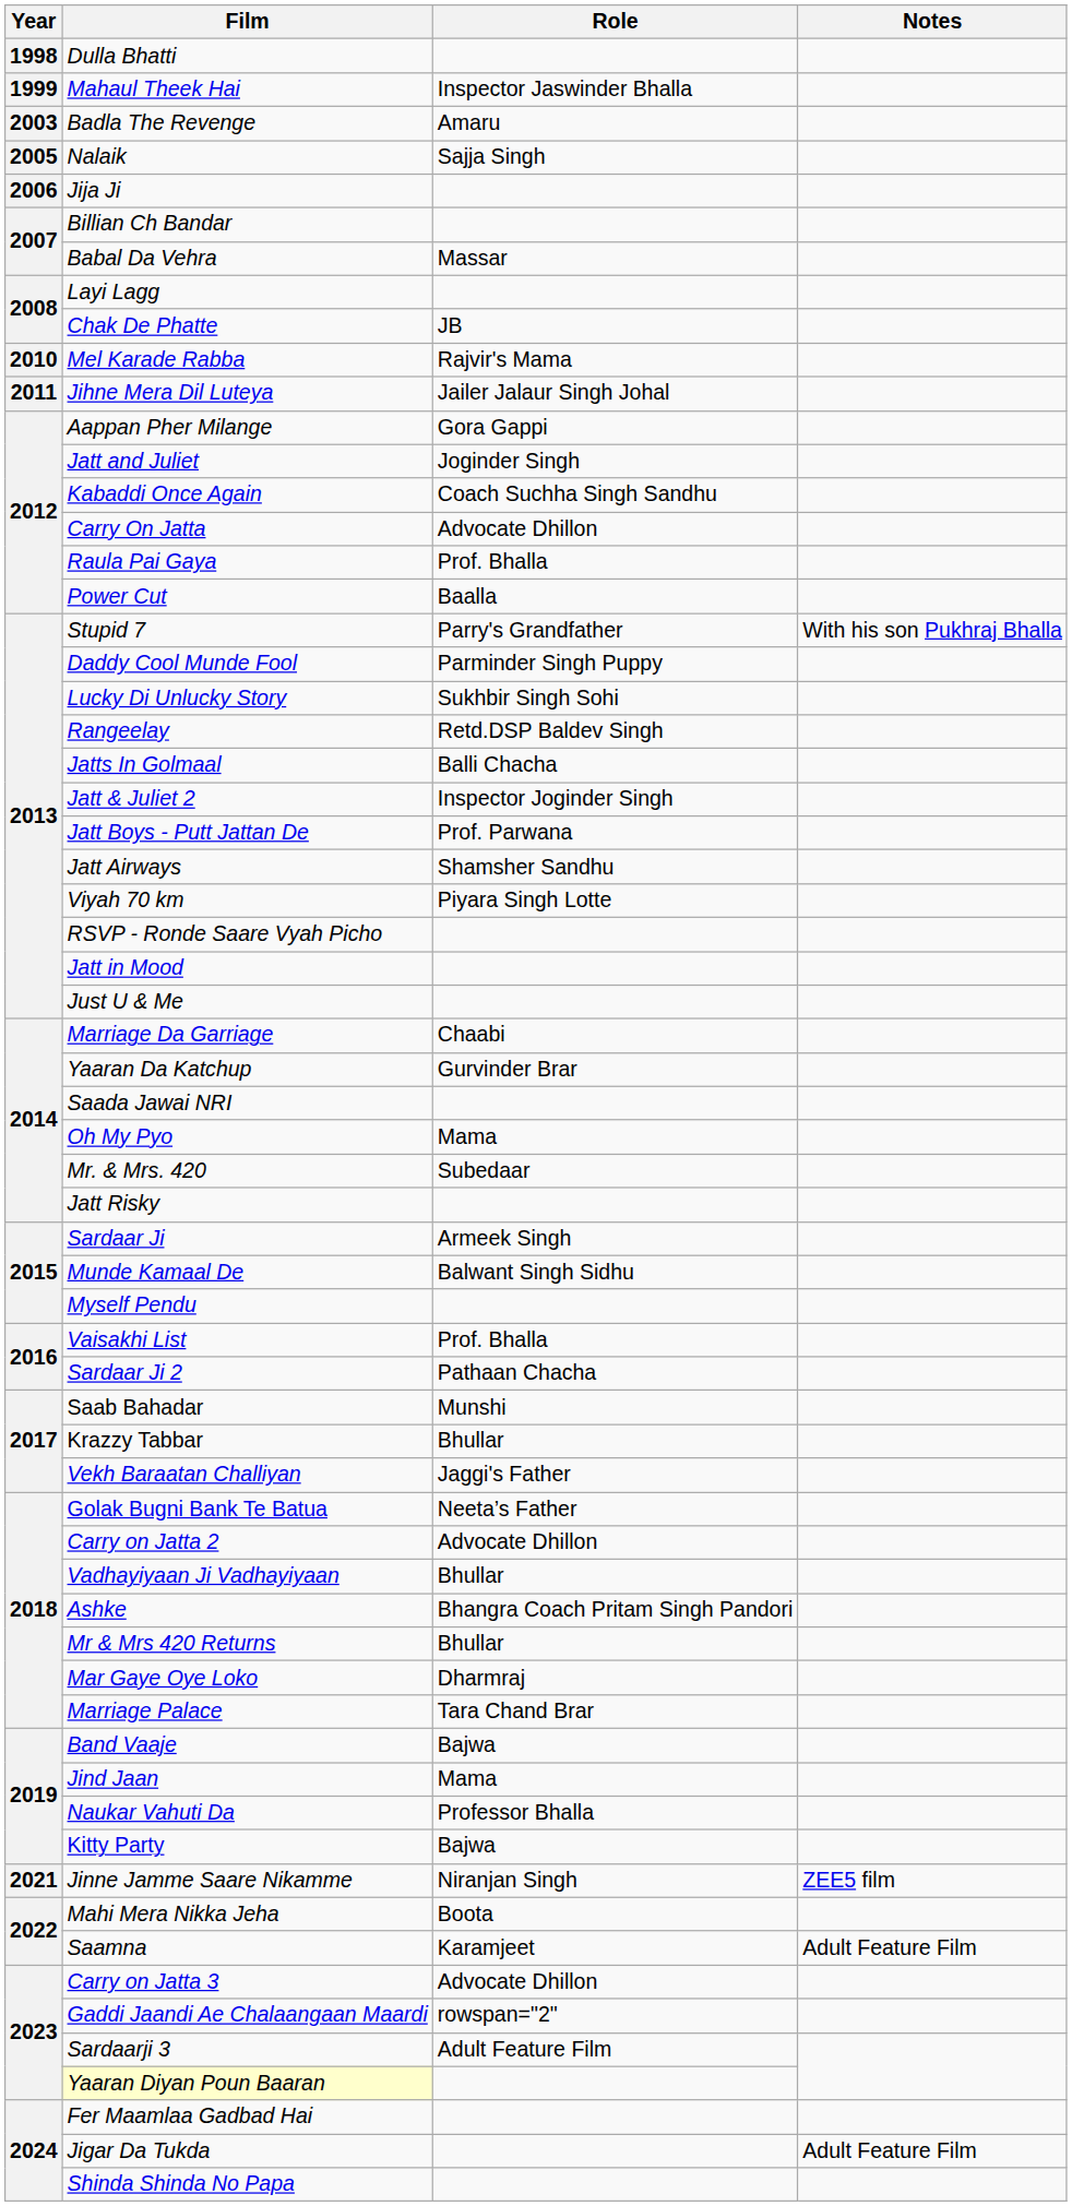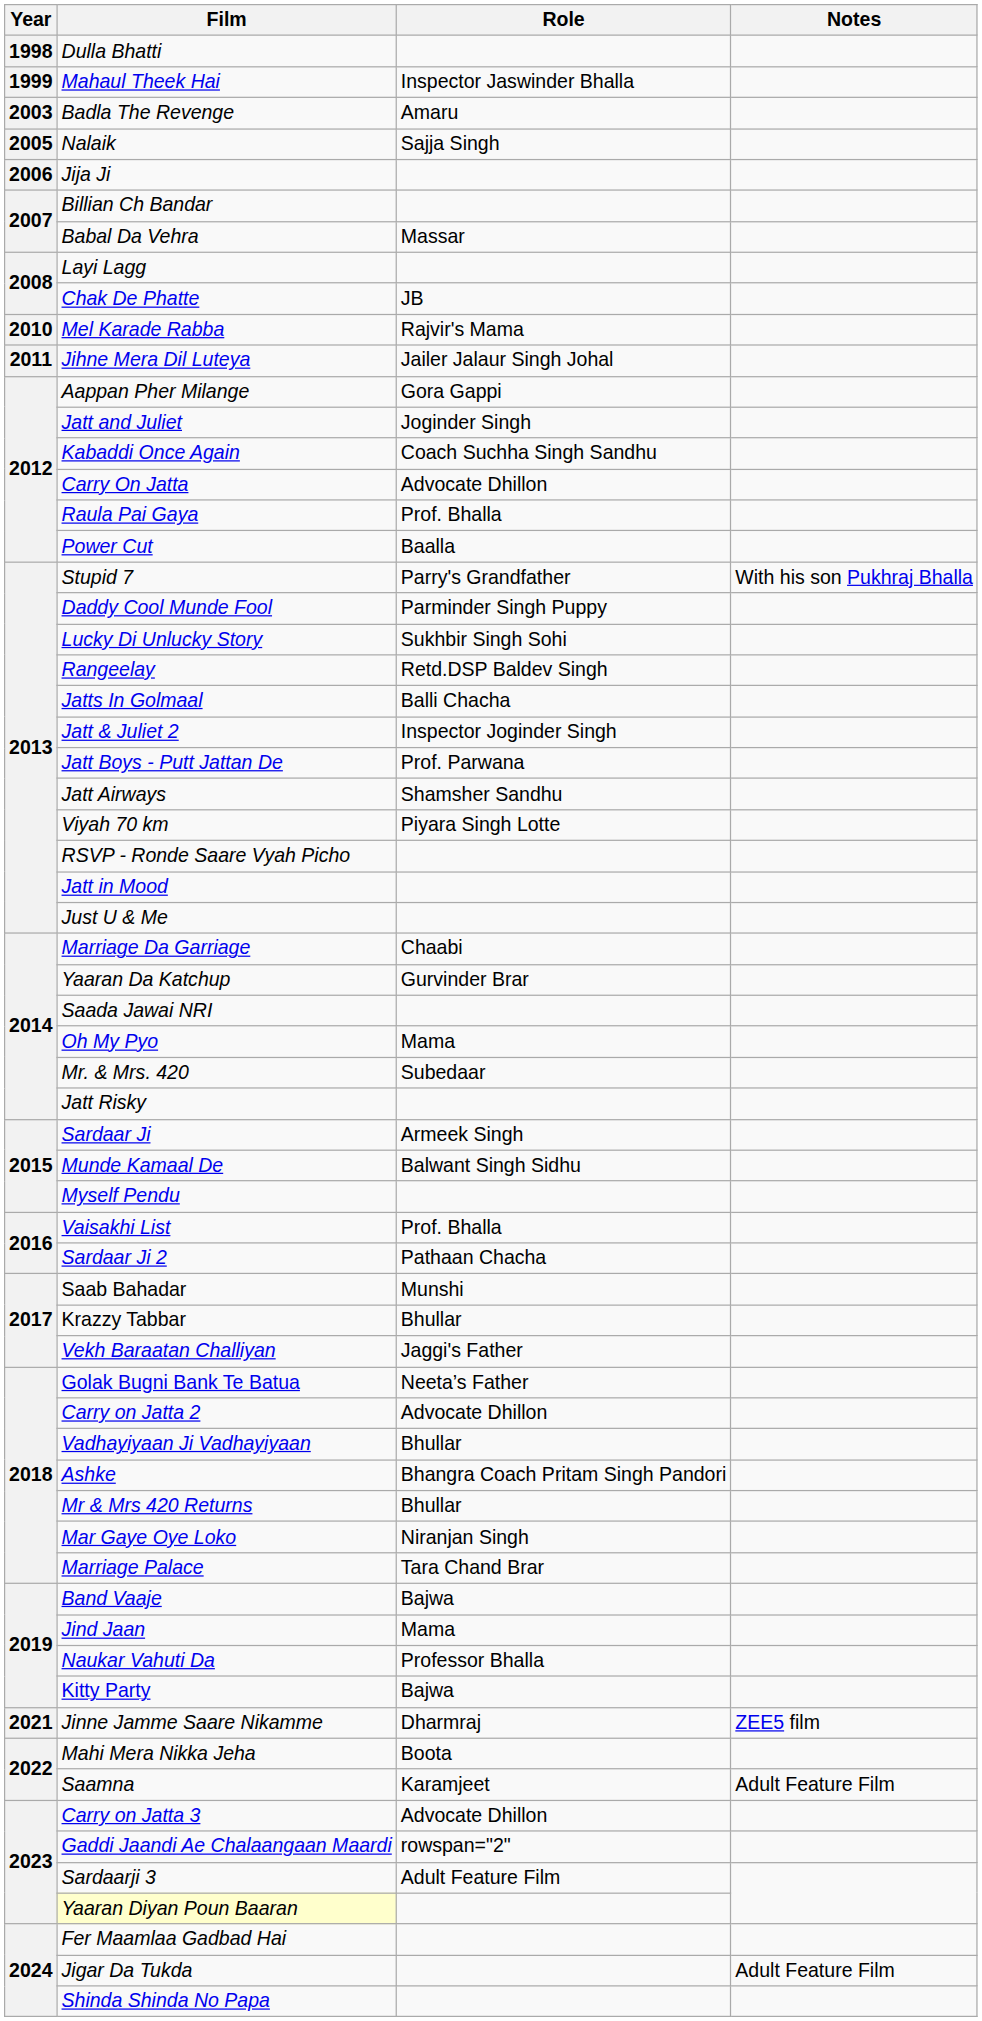 <table class="wikitable">
 <tr>
 <th>Year</th>
 <th>Film</th>
 <th>Role</th>
 <th>Notes</th>
 </tr>
 <tr>
 <th>1998</th>
 <td><em>Dulla Bhatti</em></td>
 <td></td>
 <td></td>
 </tr>
 <tr>
 <th>1999</th>
 <td><em><a href='#'>Mahaul Theek Hai</a></em></td>
 <td>Inspector Jaswinder Bhalla</td>
 <td></td>
 </tr>
 <tr>
 <th>2003</th>
 <td><em>Badla The Revenge</em></td>
 <td>Amaru</td>
 <td></td>
 </tr>
 <tr>
 <th>2005</th>
 <td><em>Nalaik</em></td>
 <td>Sajja Singh</td>
 <td></td>
 </tr>
 <tr>
 <th>2006</th>
 <td><em>Jija Ji</em></td>
 <td></td>
 <td></td>
 </tr>
 <tr>
 <th rowspan="2">2007</th>
 <td><em>Billian Ch Bandar</em></td>
 <td></td>
 <td></td>
 </tr>
 <tr>
 <td><em>Babal Da Vehra</em></td>
 <td>Massar</td>
 <td></td>
 </tr>
 <tr>
 <th rowspan="2">2008</th>
 <td><em>Layi Lagg</em></td>
 <td></td>
 <td></td>
 </tr>
 <tr>
 <td><em><a href='#'>Chak De Phatte</a></em></td>
 <td>JB</td>
 <td></td>
 </tr>
 <tr>
 <th>2010</th>
 <td><em><a href='#'>Mel Karade Rabba</a></em></td>
 <td>Rajvir's Mama</td>
 <td></td>
 </tr>
 <tr>
 <th>2011</th>
 <td><em><a href='#'>Jihne Mera Dil Luteya</a></em></td>
 <td>Jailer Jalaur Singh Johal</td>
 <td></td>
 </tr>
 <tr>
 <th rowspan="6">2012</th>
 <td><em>Aappan Pher Milange</em></td>
 <td>Gora Gappi</td>
 <td></td>
 </tr>
 <tr>
 <td><em><a href='#'>Jatt and Juliet</a></em></td>
 <td>Joginder Singh</td>
 <td></td>
 </tr>
 <tr>
 <td><em><a href='#'>Kabaddi Once Again</a></em></td>
 <td>Coach Suchha Singh Sandhu</td>
 <td></td>
 </tr>
 <tr>
 <td><em><a href='#'>Carry On Jatta</a></em></td>
 <td>Advocate Dhillon</td>
 <td></td>
 </tr>
 <tr>
 <td><em><a href='#'>Raula Pai Gaya</a></em></td>
 <td>Prof. Bhalla</td>
 <td></td>
 </tr>
 <tr>
 <td><em><a href='#'>Power Cut</a></em></td>
 <td>Baalla</td>
 <td></td>
 </tr>
 <tr>
 <th rowspan="12">2013</th>
 <td><em>Stupid 7</em></td>
 <td>Parry's Grandfather</td>
 <td>With his son <a href='#'>Pukhraj Bhalla</a></td>
 </tr>
 <tr>
 <td><em><a href='#'>Daddy Cool Munde Fool</a></em></td>
 <td>Parminder Singh Puppy</td>
 <td></td>
 </tr>
 <tr>
 <td><em><a href='#'>Lucky Di Unlucky Story</a></em></td>
 <td>Sukhbir Singh Sohi</td>
 <td></td>
 </tr>
 <tr>
 <td><em><a href='#'>Rangeelay</a></em></td>
 <td>Retd.DSP Baldev Singh</td>
 <td></td>
 </tr>
 <tr>
 <td><em><a href='#'>Jatts In Golmaal</a></em></td>
 <td>Balli Chacha</td>
 <td></td>
 </tr>
 <tr>
 <td><em><a href='#'>Jatt & Juliet 2</a></em></td>
 <td>Inspector Joginder Singh</td>
 <td></td>
 </tr>
 <tr>
 <td><em><a href='#'>Jatt Boys - Putt Jattan De</a></em></td>
 <td>Prof. Parwana</td>
 <td></td>
 </tr>
 <tr>
 <td><em>Jatt Airways</em></td>
 <td>Shamsher Sandhu</td>
 <td></td>
 </tr>
 <tr>
 <td><em>Viyah 70 km</em></td>
 <td>Piyara Singh Lotte</td>
 <td></td>
 </tr>
 <tr>
 <td><em>RSVP - Ronde Saare Vyah Picho</em></td>
 <td></td>
 <td></td>
 </tr>
 <tr>
 <td><em><a href='#'>Jatt in Mood</a></em></td>
 <td></td>
 <td></td>
 </tr>
 <tr>
 <td><em>Just U & Me</em></td>
 <td></td>
 <td></td>
 </tr>
 <tr>
 <th rowspan="6">2014</th>
 <td><em><a href='#'>Marriage Da Garriage</a></em></td>
 <td>Chaabi</td>
 <td></td>
 </tr>
 <tr>
 <td><em>Yaaran Da Katchup</em></td>
 <td>Gurvinder Brar</td>
 <td></td>
 </tr>
 <tr>
 <td><em>Saada Jawai NRI</em></td>
 <td></td>
 <td></td>
 </tr>
 <tr>
 <td><em><a href='#'>Oh My Pyo</a></em></td>
 <td>Mama</td>
 <td></td>
 </tr>
 <tr>
 <td><em>Mr. & Mrs. 420</em></td>
 <td>Subedaar</td>
 <td></td>
 </tr>
 <tr>
 <td><em>Jatt Risky</em></td>
 <td></td>
 <td></td>
 </tr>
 <tr>
 <th rowspan="3">2015</th>
 <td><em><a href='#'>Sardaar Ji</a></em></td>
 <td>Armeek Singh</td>
 <td></td>
 </tr>
 <tr>
 <td><em><a href='#'>Munde Kamaal De</a></em></td>
 <td>Balwant Singh Sidhu</td>
 <td></td>
 </tr>
 <tr>
 <td><em><a href='#'>Myself Pendu</a></em></td>
 <td></td>
 <td></td>
 </tr>
 <tr>
 <th rowspan="2">2016</th>
 <td><em><a href='#'>Vaisakhi List</a></em></td>
 <td>Prof. Bhalla</td>
 <td></td>
 </tr>
 <tr>
 <td><em><a href='#'>Sardaar Ji 2</a></em></td>
 <td>Pathaan Chacha</td>
 <td></td>
 </tr>
 <tr>
 <th rowspan="3">2017</th>
 <td>Saab Bahadar</td>
 <td>Munshi</td>
 <td></td>
 </tr>
 <tr>
 <td>Krazzy Tabbar</td>
 <td>Bhullar</td>
 <td></td>
 </tr>
 <tr>
 <td><em><a href='#'>Vekh Baraatan Challiyan</a></em></td>
 <td>Jaggi's Father</td>
 <td></td>
 </tr>
 <tr>
 <th rowspan="7">2018</th>
 <td><a href='#'>Golak Bugni Bank Te Batua</a></td>
 <td>Neeta’s Father</td>
 <td></td>
 </tr>
 <tr>
 <td><em><a href='#'>Carry on Jatta 2</a></em></td>
 <td>Advocate Dhillon</td>
 <td></td>
 </tr>
 <tr>
 <td><em><a href='#'>Vadhayiyaan Ji Vadhayiyaan</a></em></td>
 <td>Bhullar</td>
 <td></td>
 </tr>
 <tr>
 <td><em><a href='#'>Ashke</a></em></td>
 <td>Bhangra Coach Pritam Singh Pandori</td>
 <td></td>
 </tr>
 <tr>
 <td><em><a href='#'>Mr & Mrs 420 Returns</a></em></td>
 <td>Bhullar</td>
 <td></td>
 </tr>
 <tr>
 <td><em><a href='#'>Mar Gaye Oye Loko</a></em></td>
-<td>Dharmraj</td>
+<td>Niranjan Singh</td>
 <td></td>
 </tr>
 <tr>
 <td><em><a href='#'>Marriage Palace</a></em></td>
 <td>Tara Chand Brar</td>
 <td></td>
 </tr>
 <tr>
 <th rowspan="4">2019</th>
 <td><em><a href='#'>Band Vaaje</a></em></td>
 <td>Bajwa</td>
 <td></td>
 </tr>
 <tr>
 <td><em><a href='#'>Jind Jaan</a></em></td>
 <td>Mama</td>
 <td></td>
 </tr>
 <tr>
 <td><em><a href='#'>Naukar Vahuti Da</a></em></td>
 <td>Professor Bhalla</td>
 <td></td>
 </tr>
 <tr>
 <td><a href='#'>Kitty Party</a></td>
 <td>Bajwa</td>
 <td></td>
 </tr>
 <tr>
 <th>2021</th>
 <td><em>Jinne Jamme Saare Nikamme</em></td>
-<td>Niranjan Singh</td>
+<td>Dharmraj</td>
 <td><a href='#'>ZEE5</a> film</td>
 </tr>
 <tr>
 <th rowspan="2">2022</th>
 <td><em>Mahi Mera Nikka Jeha</em></td>
 <td>Boota</td>
 <td></td>
 </tr>
 <tr>
 <td><em>Saamna</em></td>
 <td>Karamjeet</td>
 <td>Adult Feature Film</td>
 </tr>
 <tr>
 <th rowspan="4">2023</th>
 <td><em><a href='#'>Carry on Jatta 3</a></em></td>
 <td>Advocate Dhillon</td>
 <td></td>
 </tr>
 <tr>
 <td><em><a href='#'>Gaddi Jaandi Ae Chalaangaan Maardi</a></em></td>
 <td>rowspan="2" </td>
 <td></td>
 </tr>
 <tr>
 <td><em>Sardaarji 3</em></td>
 <td>Adult Feature Film</td>
 </tr>
 <tr>
 <td style="background:#FFFFCC;"><em>Yaaran Diyan Poun Baaran</em> </td>
 <td></td>
 </tr>
 <tr>
 <th rowspan="3">2024</th>
 <td><em>Fer Maamlaa Gadbad Hai</em></td>
 <td></td>
 <td></td>
 </tr>
 <tr>
 <td><em>Jigar Da Tukda</em></td>
 <td></td>
 <td>Adult Feature Film</td>
 </tr>
 <tr>
 <td><em><a href='#'>Shinda Shinda No Papa</a></em></td>
 <td></td>
 <td></td>
 </tr>
 </table>
